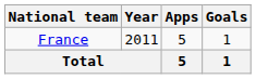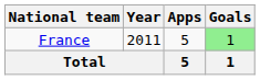 <table class="wikitable" style="text-align: center;">
 <tr>
 <th>National team</th>
 <th>Year</th>
 <th>Apps</th>
 <th>Goals</th>
 </tr>
 <tr>
 <td><a href='#'>France</a></td>
 <td>2011</td>
 <td>5</td>
-<td>1</td>
+<td style="background: lightgreen;">1</td>
 </tr>
 <tr>
 <th colspan="2">Total</th>
 <th>5</th>
 <th>1</th>
 </tr>
 </table>
